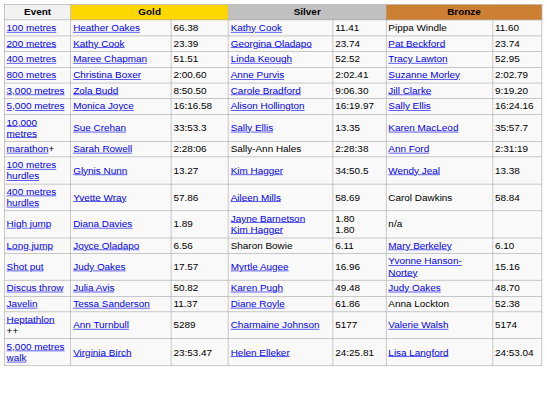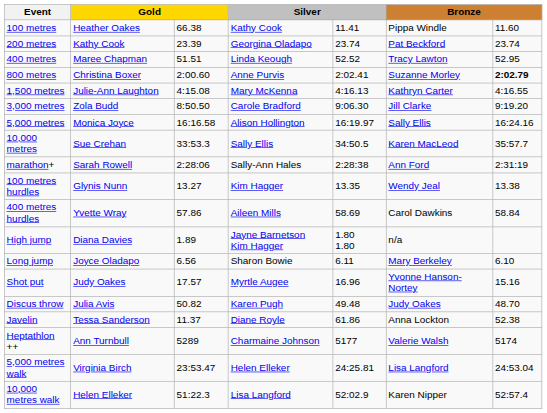 <table class="wikitable" style="text-align:left">
 <tr>
 <th width=100>Event</th>
 <th colspan="2" width="280" style="background:gold;">Gold</th>
 <th colspan="2" width="280" style="background:silver;">Silver</th>
 <th colspan="2" width="280" style="background:#CD7F32;">Bronze</th>
 </tr>
 <tr>
 <td><a href='#'>100 metres</a></td>
 <td><a href='#'>Heather Oakes</a></td>
 <td>66.38</td>
 <td><a href='#'>Kathy Cook</a></td>
 <td>11.41</td>
 <td>Pippa Windle</td>
 <td>11.60</td>
 </tr>
 <tr>
 <td><a href='#'>200 metres</a></td>
 <td><a href='#'>Kathy Cook</a></td>
 <td>23.39</td>
 <td><a href='#'>Georgina Oladapo</a></td>
 <td>23.74</td>
 <td><a href='#'>Pat Beckford</a></td>
 <td>23.74</td>
 </tr>
 <tr>
 <td><a href='#'>400 metres</a></td>
 <td> <a href='#'>Maree Chapman</a></td>
 <td>51.51</td>
 <td><a href='#'>Linda Keough</a></td>
 <td>52.52</td>
 <td><a href='#'>Tracy Lawton</a></td>
 <td>52.95</td>
 </tr>
 <tr>
 <td><a href='#'>800 metres</a></td>
 <td><a href='#'>Christina Boxer</a></td>
 <td>2:00.60</td>
 <td> <a href='#'>Anne Purvis</a></td>
 <td>2:02.41</td>
 <td><a href='#'>Suzanne Morley</a></td>
-<td>2:02.79</td>
+<td><strong>2:02.79</strong></td>
+</tr>
+<tr>
+<td><a href='#'>1,500 metres</a></td>
+<td><a href='#'>Julie-Ann Laughton</a></td>
+<td>4:15.08</td>
+<td> <a href='#'>Mary McKenna</a></td>
+<td>4:16.13</td>
+<td><a href='#'>Kathryn Carter</a></td>
+<td>4:16.55</td>
 </tr>
 <tr>
 <td><a href='#'>3,000 metres</a></td>
 <td><a href='#'>Zola Budd</a></td>
 <td>8:50.50</td>
 <td><a href='#'>Carole Bradford</a></td>
 <td>9:06.30</td>
 <td><a href='#'>Jill Clarke</a></td>
 <td>9:19.20</td>
 </tr>
 <tr>
 <td><a href='#'>5,000 metres</a></td>
 <td> <a href='#'>Monica Joyce</a></td>
 <td>16:16.58</td>
 <td><a href='#'>Alison Hollington</a></td>
 <td>16:19.97</td>
 <td><a href='#'>Sally Ellis</a></td>
 <td>16:24.16</td>
 </tr>
 <tr>
 <td><a href='#'>10,000 metres</a></td>
 <td><a href='#'>Sue Crehan</a></td>
 <td>33:53.3</td>
 <td><a href='#'>Sally Ellis</a></td>
-<td>13.35</td>
+<td>34:50.5</td>
 <td> <a href='#'>Karen MacLeod</a></td>
 <td>35:57.7</td>
 </tr>
 <tr>
 <td><a href='#'>marathon</a>+</td>
 <td><a href='#'>Sarah Rowell</a></td>
 <td>2:28:06</td>
 <td>Sally-Ann Hales</td>
 <td>2:28:38</td>
 <td><a href='#'>Ann Ford</a></td>
 <td>2:31:19</td>
 </tr>
 <tr>
 <td><a href='#'>100 metres hurdles</a></td>
 <td> <a href='#'>Glynis Nunn</a></td>
 <td>13.27</td>
 <td><a href='#'>Kim Hagger</a></td>
-<td>34:50.5</td>
+<td>13.35</td>
 <td><a href='#'>Wendy Jeal</a></td>
 <td>13.38</td>
 </tr>
 <tr>
 <td><a href='#'>400 metres hurdles</a></td>
 <td><a href='#'>Yvette Wray</a></td>
 <td>57.86</td>
 <td><a href='#'>Aileen Mills</a></td>
 <td>58.69</td>
 <td>Carol Dawkins</td>
 <td>58.84</td>
 </tr>
 <tr>
 <td><a href='#'>High jump</a></td>
 <td><a href='#'>Diana Davies</a></td>
 <td>1.89</td>
 <td> <a href='#'>Jayne Barnetson</a> <br><a href='#'>Kim Hagger</a></td>
 <td>1.80<br>1.80</td>
 <td>n/a</td>
 </tr>
 <tr>
 <td><a href='#'>Long jump</a></td>
 <td><a href='#'>Joyce Oladapo</a></td>
 <td>6.56</td>
 <td>Sharon Bowie</td>
 <td>6.11</td>
 <td><a href='#'>Mary Berkeley</a></td>
 <td>6.10</td>
 </tr>
 <tr>
 <td><a href='#'>Shot put</a></td>
 <td><a href='#'>Judy Oakes</a></td>
 <td>17.57</td>
 <td><a href='#'>Myrtle Augee</a></td>
 <td>16.96</td>
 <td><a href='#'>Yvonne Hanson-Nortey</a></td>
 <td>15.16</td>
 </tr>
 <tr>
 <td><a href='#'>Discus throw</a></td>
 <td><a href='#'>Julia Avis</a></td>
 <td>50.82</td>
 <td><a href='#'>Karen Pugh</a></td>
 <td>49.48</td>
 <td><a href='#'>Judy Oakes</a></td>
 <td>48.70</td>
 </tr>
 <tr>
 <td><a href='#'>Javelin</a></td>
 <td><a href='#'>Tessa Sanderson</a></td>
 <td>11.37</td>
 <td> <a href='#'>Diane Royle</a></td>
 <td>61.86</td>
 <td>Anna Lockton</td>
 <td>52.38</td>
 </tr>
 <tr>
 <td><a href='#'>Heptathlon</a> ++</td>
 <td> <a href='#'>Ann Turnbull</a></td>
 <td>5289</td>
 <td><a href='#'>Charmaine Johnson</a></td>
 <td>5177</td>
 <td> <a href='#'>Valerie Walsh</a></td>
 <td>5174</td>
 </tr>
 <tr>
 <td><a href='#'>5,000 metres walk</a></td>
 <td><a href='#'>Virginia Birch</a></td>
 <td>23:53.47</td>
 <td><a href='#'>Helen Elleker</a></td>
 <td>24:25.81</td>
 <td><a href='#'>Lisa Langford</a></td>
 <td>24:53.04</td>
 </tr>
+<tr>
+<td><a href='#'>10,000 metres walk</a></td>
+<td><a href='#'>Helen Elleker</a></td>
+<td>51:22.3</td>
+<td><a href='#'>Lisa Langford</a></td>
+<td>52:02.9</td>
+<td>Karen Nipper</td>
+<td>52:57.4</td>
+</tr>
 </table>
